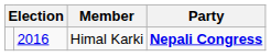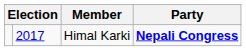 <table class="wikitable">
 <tr>
 <th colspan="2">Election</th>
 <th>Member</th>
 <th>Party</th>
 </tr>
 <tr>
 <td style="background-color:"></td>
-<td><a href='#'>2016</a></td>
+<td><a href='#'>2017</a></td>
 <td>Himal Karki</td>
 <td><strong><a href='#'>Nepali Congress</a></strong></td>
 </tr>
 </table>
